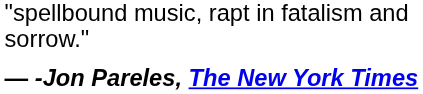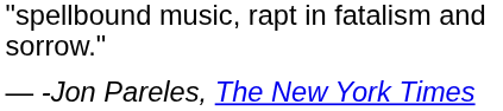 <table class="toccolours" style="float:right; margin-left:1em; margin-right:0; font-size:85%; background:offwhite; color:black; width:20em; max-width:40%;" cellspacing="5">
 <tr>
 <td style="text-align: left;">"spellbound music, rapt in fatalism and sorrow."</td>
 </tr>
 <tr>
-<td style="text-align: left;"><strong>— <em>-Jon Pareles, <a href='#'>The New York Times</a></em></strong></td>
+<td style="text-align: left;">— <em>-Jon Pareles, <a href='#'>The New York Times</a></em></td>
 </tr>
 </table>
